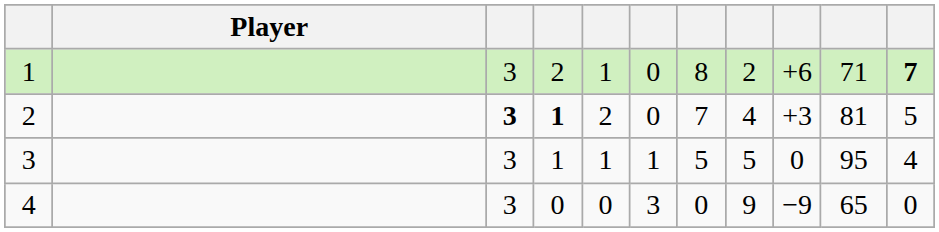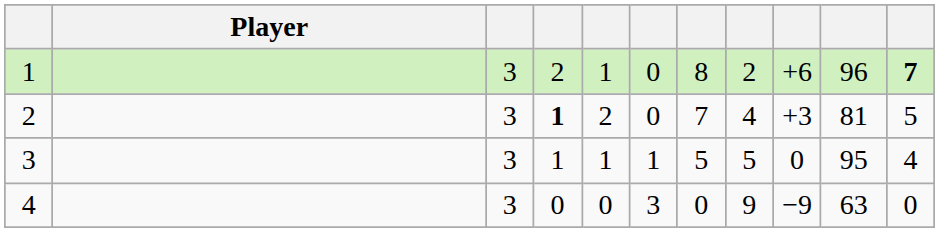 <table class="wikitable" style="text-align:center; margin: 1em auto 1em auto, align:left">
 <tr>
 <th width=20></th>
 <th width=240>Player</th>
 <th width=20></th>
 <th width=20></th>
 <th width=20></th>
 <th width=20></th>
 <th width=20></th>
 <th width=20></th>
 <th width=20></th>
 <th width=30></th>
 <th width=20></th>
 </tr>
 <tr style="background:#D0F0C0;">
 <td>1</td>
 <td align=left></td>
 <td>3</td>
 <td>2</td>
 <td>1</td>
 <td>0</td>
 <td>8</td>
 <td>2</td>
 <td>+6</td>
-<td>71</td>
+<td>96</td>
 <td><strong>7</strong></td>
 </tr>
 <tr style=>
 <td>2</td>
 <td align=left></td>
-<td><strong>3</strong></td>
+<td>3</td>
 <td><strong>1</strong></td>
 <td>2</td>
 <td>0</td>
 <td>7</td>
 <td>4</td>
 <td>+3</td>
 <td>81</td>
 <td>5</td>
 </tr>
 <tr style=>
 <td>3</td>
 <td align=left></td>
 <td>3</td>
 <td>1</td>
 <td>1</td>
 <td>1</td>
 <td>5</td>
 <td>5</td>
 <td>0</td>
 <td>95</td>
 <td>4</td>
 </tr>
 <tr style=>
 <td>4</td>
 <td align=left></td>
 <td>3</td>
 <td>0</td>
 <td>0</td>
 <td>3</td>
 <td>0</td>
 <td>9</td>
 <td>−9</td>
-<td>65</td>
+<td>63</td>
 <td>0</td>
 </tr>
 </table>
